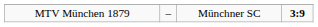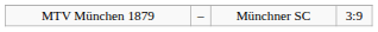 <table class="wikitable" width="50%">
 <tr class="hintergrundfarbe5">
 </tr>
 <tr align="center">
 <td>MTV München 1879</td>
 <td>–</td>
 <td>Münchner SC</td>
-<td><strong>3:9</strong></td>
+<td>3:9</td>
 </tr>
 </table>
